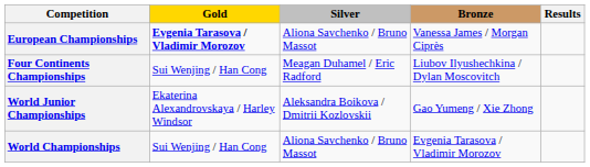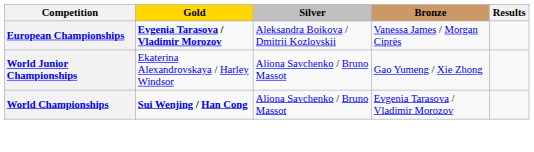 <table class="wikitable unsortable" style="text-align:left; width:90%">
 <tr>
 <th scope="col" style="text-align:center; width:25%;">Competition</th>
 <td scope="col" style="text-align:center; width:22.5%; background:gold"><strong>Gold</strong></td>
 <td scope="col" style="text-align:center; width:22.5%; background:silver"><strong>Silver</strong></td>
 <td scope="col" style="text-align:center; width:22.5%; background:#c96"><strong>Bronze</strong></td>
 <th scope="col" style="text-align:center; width:7.5%;">Results</th>
 </tr>
 <tr>
 <th scope="row" style="text-align:left"> <a href='#'>European Championships</a></th>
 <td><strong> <a href='#'>Evgenia Tarasova</a> / <a href='#'>Vladimir Morozov</a></strong></td>
-<td> <a href='#'>Aliona Savchenko</a> / <a href='#'>Bruno Massot</a></td>
+<td> <a href='#'>Aleksandra Boikova</a> / <a href='#'>Dmitrii Kozlovskii</a></td>
 <td> <a href='#'>Vanessa James</a> / <a href='#'>Morgan Ciprès</a></td>
-<td></td>
-</tr>
-<tr>
-<th scope="row" style="text-align:left"> <a href='#'>Four Continents Championships</a></th>
-<td> <a href='#'>Sui Wenjing</a> / <a href='#'>Han Cong</a></td>
-<td> <a href='#'>Meagan Duhamel</a> / <a href='#'>Eric Radford</a></td>
-<td> <a href='#'>Liubov Ilyushechkina</a> / <a href='#'>Dylan Moscovitch</a></td>
 <td></td>
 </tr>
 <tr>
 <th scope="row" style="text-align:left"> <a href='#'>World Junior Championships</a></th>
 <td> <a href='#'>Ekaterina Alexandrovskaya</a> / <a href='#'>Harley Windsor</a></td>
-<td> <a href='#'>Aleksandra Boikova</a> / <a href='#'>Dmitrii Kozlovskii</a></td>
+<td> <a href='#'>Aliona Savchenko</a> / <a href='#'>Bruno Massot</a></td>
 <td> <a href='#'>Gao Yumeng</a> / <a href='#'>Xie Zhong</a></td>
 <td></td>
 </tr>
 <tr>
 <th scope="row" style="text-align:left"> <a href='#'>World Championships</a></th>
-<td> <a href='#'>Sui Wenjing</a> / <a href='#'>Han Cong</a></td>
+<td><strong> <a href='#'>Sui Wenjing</a> / <a href='#'>Han Cong</a></strong></td>
 <td> <a href='#'>Aliona Savchenko</a> / <a href='#'>Bruno Massot</a></td>
 <td> <a href='#'>Evgenia Tarasova</a> / <a href='#'>Vladimir Morozov</a></td>
 <td></td>
 </tr>
 </table>
